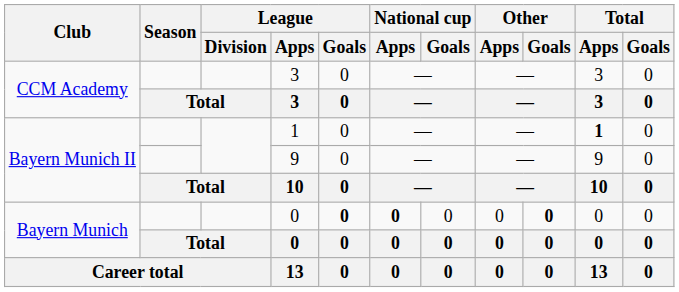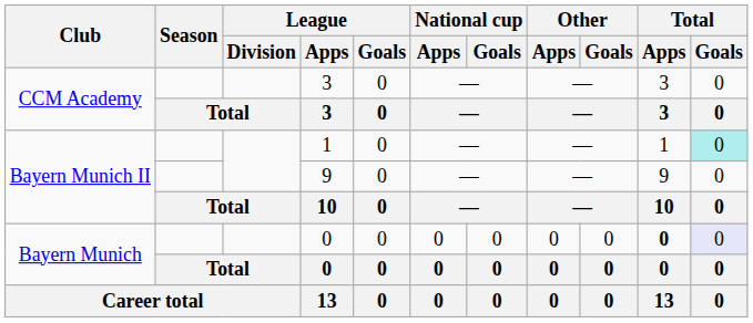 <table class="wikitable" style="text-align:center">
 <tr>
 <th rowspan="2">Club</th>
 <th rowspan="2">Season</th>
 <th colspan="3">League</th>
 <th colspan="2">National cup</th>
 <th colspan="2">Other</th>
 <th colspan="2">Total</th>
 </tr>
 <tr>
 <th>Division</th>
 <th>Apps</th>
 <th>Goals</th>
 <th>Apps</th>
 <th>Goals</th>
 <th>Apps</th>
 <th>Goals</th>
 <th>Apps</th>
 <th>Goals</th>
 </tr>
 <tr>
 <td rowspan="2"><a href='#'>CCM Academy</a></td>
 <td></td>
 <td></td>
 <td>3</td>
 <td>0</td>
 <td colspan="2">—</td>
 <td colspan="2">—</td>
 <td>3</td>
 <td>0</td>
 </tr>
 <tr>
 <th colspan="2">Total</th>
 <th>3</th>
 <th>0</th>
 <th colspan="2">—</th>
 <th colspan="2">—</th>
 <th>3</th>
 <th>0</th>
 </tr>
 <tr>
 <td rowspan="3"><a href='#'>Bayern Munich II</a></td>
 <td></td>
 <td rowspan="2"></td>
 <td>1</td>
 <td>0</td>
 <td colspan="2">—</td>
 <td colspan="2">—</td>
-<td><strong>1</strong></td>
-<td>0</td>
+<td>1</td>
+<td style="background: paleturquoise;">0</td>
 </tr>
 <tr>
 <td></td>
 <td>9</td>
 <td>0</td>
 <td colspan="2">—</td>
 <td colspan="2">—</td>
 <td>9</td>
 <td>0</td>
 </tr>
 <tr>
 <th colspan="2">Total</th>
 <th>10</th>
 <th>0</th>
 <th colspan="2">—</th>
 <th colspan="2">—</th>
 <th>10</th>
 <th>0</th>
 </tr>
 <tr>
 <td rowspan="2"><a href='#'>Bayern Munich</a></td>
 <td></td>
 <td></td>
 <td>0</td>
-<td><strong>0</strong></td>
-<td><strong>0</strong></td>
+<td>0</td>
+<td>0</td>
+<td>0</td>
 <td>0</td>
 <td>0</td>
 <td><strong>0</strong></td>
-<td>0</td>
-<td>0</td>
+<td style="background: lavender;">0</td>
 </tr>
 <tr>
 <th colspan="2">Total</th>
 <th>0</th>
 <th>0</th>
 <th>0</th>
 <th>0</th>
 <th>0</th>
 <th>0</th>
 <th>0</th>
 <th>0</th>
 </tr>
 <tr>
 <th colspan="3">Career total</th>
 <th>13</th>
 <th>0</th>
 <th>0</th>
 <th>0</th>
 <th>0</th>
 <th>0</th>
 <th>13</th>
 <th>0</th>
 </tr>
 </table>
